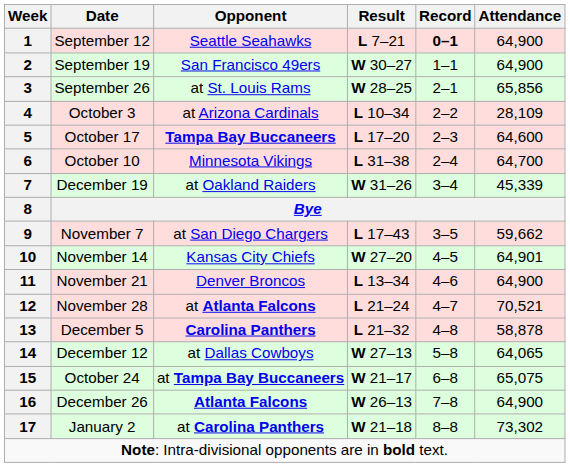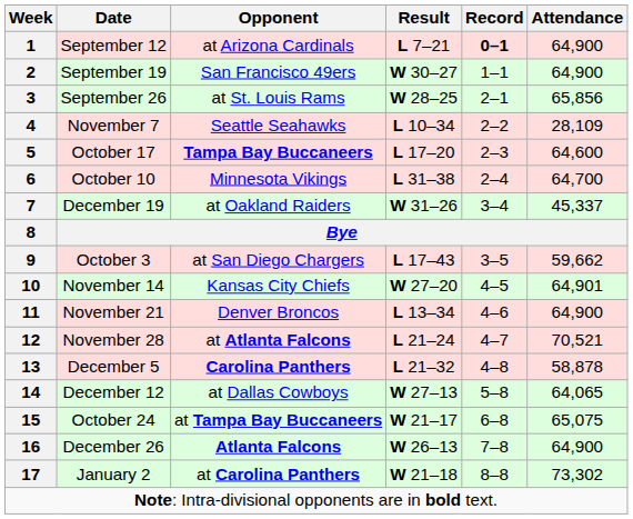 <table class="wikitable" style="text-align:center">
 <tr>
 <th>Week</th>
 <th>Date</th>
 <th>Opponent</th>
 <th>Result</th>
 <th>Record</th>
 <th>Attendance</th>
 </tr>
 <tr style="background:#ffdddd">
 <th>1</th>
 <td>September 12</td>
-<td><a href='#'>Seattle Seahawks</a></td>
+<td>at <a href='#'>Arizona Cardinals</a></td>
 <td><strong>L</strong> 7–21</td>
 <td><strong>0–1</strong></td>
 <td>64,900</td>
 </tr>
 <tr style="background:#ddffdd">
 <th>2</th>
 <td>September 19</td>
 <td><a href='#'>San Francisco 49ers</a></td>
 <td><strong>W</strong> 30–27</td>
 <td>1–1</td>
 <td>64,900</td>
 </tr>
 <tr style="background:#ddffdd">
 <th>3</th>
 <td>September 26</td>
 <td>at <a href='#'>St. Louis Rams</a></td>
 <td><strong>W</strong> 28–25</td>
 <td>2–1</td>
 <td>65,856</td>
 </tr>
 <tr style="background:#ffdddd">
 <th>4</th>
-<td>October 3</td>
-<td>at <a href='#'>Arizona Cardinals</a></td>
+<td>November 7</td>
+<td><a href='#'>Seattle Seahawks</a></td>
 <td><strong>L</strong> 10–34</td>
 <td>2–2</td>
 <td>28,109</td>
 </tr>
 <tr style="background:#ffdddd">
 <th>5</th>
 <td>October 17</td>
 <td><strong><a href='#'>Tampa Bay Buccaneers</a></strong></td>
 <td><strong>L</strong> 17–20</td>
 <td>2–3</td>
 <td>64,600</td>
 </tr>
 <tr style="background:#ffdddd">
 <th>6</th>
 <td>October 10</td>
 <td><a href='#'>Minnesota Vikings</a></td>
 <td><strong>L</strong> 31–38</td>
 <td>2–4</td>
 <td>64,700</td>
 </tr>
 <tr style="background:#ddffdd">
 <th>7</th>
 <td>December 19</td>
 <td>at <a href='#'>Oakland Raiders</a></td>
 <td><strong>W</strong> 31–26</td>
 <td>3–4</td>
-<td>45,339</td>
+<td>45,337</td>
 </tr>
 <tr>
 <th>8</th>
 <th colspan="5"><em><a href='#'>Bye</a></em></th>
 </tr>
 <tr style="background:#ffdddd">
 <th>9</th>
-<td>November 7</td>
+<td>October 3</td>
 <td>at <a href='#'>San Diego Chargers</a></td>
 <td><strong>L</strong> 17–43</td>
 <td>3–5</td>
 <td>59,662</td>
 </tr>
 <tr style="background:#ddffdd">
 <th>10</th>
 <td>November 14</td>
 <td><a href='#'>Kansas City Chiefs</a></td>
 <td><strong>W</strong> 27–20</td>
 <td>4–5</td>
 <td>64,901</td>
 </tr>
 <tr style="background:#ffdddd">
 <th>11</th>
 <td>November 21</td>
 <td><a href='#'>Denver Broncos</a></td>
 <td><strong>L</strong> 13–34</td>
 <td>4–6</td>
 <td>64,900</td>
 </tr>
 <tr style="background:#ffdddd">
 <th>12</th>
 <td>November 28</td>
 <td>at <strong><a href='#'>Atlanta Falcons</a></strong></td>
 <td><strong>L</strong> 21–24</td>
 <td>4–7</td>
 <td>70,521</td>
 </tr>
 <tr style="background:#ffdddd">
 <th>13</th>
 <td>December 5</td>
 <td><strong><a href='#'>Carolina Panthers</a></strong></td>
 <td><strong>L</strong> 21–32</td>
 <td>4–8</td>
 <td>58,878</td>
 </tr>
 <tr style="background:#ddffdd">
 <th>14</th>
 <td>December 12</td>
 <td>at <a href='#'>Dallas Cowboys</a></td>
 <td><strong>W</strong> 27–13</td>
 <td>5–8</td>
 <td>64,065</td>
 </tr>
 <tr style="background:#ddffdd">
 <th>15</th>
 <td>October 24</td>
 <td>at <strong><a href='#'>Tampa Bay Buccaneers</a></strong></td>
 <td><strong>W</strong> 21–17</td>
 <td>6–8</td>
 <td>65,075</td>
 </tr>
 <tr style="background:#ddffdd">
 <th>16</th>
 <td>December 26</td>
 <td><strong><a href='#'>Atlanta Falcons</a></strong></td>
 <td><strong>W</strong> 26–13</td>
 <td>7–8</td>
 <td>64,900</td>
 </tr>
 <tr style="background:#ddffdd">
 <th>17</th>
 <td>January 2</td>
 <td>at <strong><a href='#'>Carolina Panthers</a></strong></td>
 <td><strong>W</strong> 21–18</td>
 <td>8–8</td>
 <td>73,302</td>
 </tr>
 <tr>
 <td colspan="6"><strong>Note</strong>: Intra-divisional opponents are in <strong>bold</strong> text.</td>
 </tr>
 </table>
